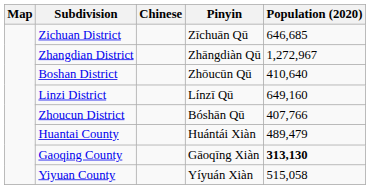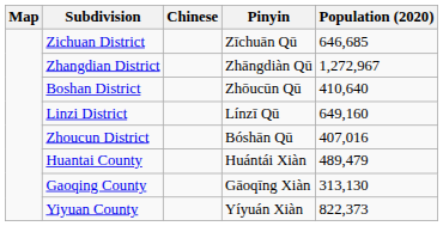 <table class="wikitable" style="font-size:100%;">
 <tr>
 <th>Map</th>
 <th>Subdivision</th>
 <th>Chinese</th>
 <th>Pinyin</th>
 <th>Population (2020)</th>
 </tr>
 <tr>
 <td rowspan="8"><div><br>           </div></td>
 <td><a href='#'>Zichuan District</a></td>
 <td></td>
 <td>Zīchuān Qū</td>
 <td>646,685</td>
 </tr>
 <tr>
 <td><a href='#'>Zhangdian District</a></td>
 <td></td>
 <td>Zhāngdiàn Qū</td>
 <td>1,272,967</td>
 </tr>
 <tr>
 <td><a href='#'>Boshan District</a></td>
 <td></td>
 <td>Zhōucūn Qū</td>
 <td>410,640</td>
 </tr>
 <tr>
 <td><a href='#'>Linzi District</a></td>
 <td></td>
 <td>Línzī Qū</td>
 <td>649,160</td>
 </tr>
 <tr>
 <td><a href='#'>Zhoucun District</a></td>
 <td></td>
 <td>Bóshān Qū</td>
-<td>407,766</td>
+<td>407,016</td>
 </tr>
 <tr>
 <td><a href='#'>Huantai County</a></td>
 <td></td>
 <td>Huántái Xiàn</td>
 <td>489,479</td>
 </tr>
 <tr>
 <td><a href='#'>Gaoqing County</a></td>
 <td></td>
 <td>Gāoqīng Xiàn</td>
-<td><strong>313,130</strong></td>
+<td>313,130</td>
 </tr>
 <tr>
 <td><a href='#'>Yiyuan County</a></td>
 <td></td>
 <td>Yíyuán Xiàn</td>
-<td>515,058</td>
+<td>822,373</td>
 </tr>
 </table>
